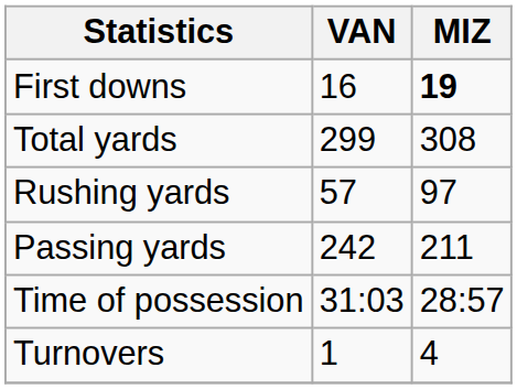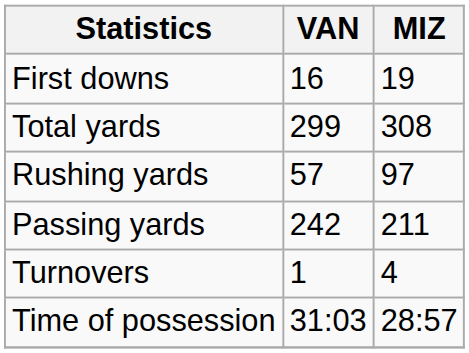 <table class="wikitable" style="float: left;">
 <tr>
 <th>Statistics</th>
 <th>VAN</th>
 <th>MIZ</th>
 </tr>
 <tr>
 <td>First downs</td>
 <td>16</td>
-<td><strong>19</strong></td>
+<td>19</td>
 </tr>
 <tr>
 <td>Total yards</td>
 <td>299</td>
 <td>308</td>
 </tr>
 <tr>
 <td>Rushing yards</td>
 <td>57</td>
 <td>97</td>
 </tr>
 <tr>
 <td>Passing yards</td>
 <td>242</td>
 <td>211</td>
 </tr>
 <tr>
+<td>Turnovers</td>
+<td>1</td>
+<td>4</td>
+</tr>
+<tr>
 <td>Time of possession</td>
 <td>31:03</td>
 <td>28:57</td>
 </tr>
 <tr>
-<td>Turnovers</td>
-<td>1</td>
-<td>4</td>
-</tr>
-<tr>
 </tr>
 </table>
